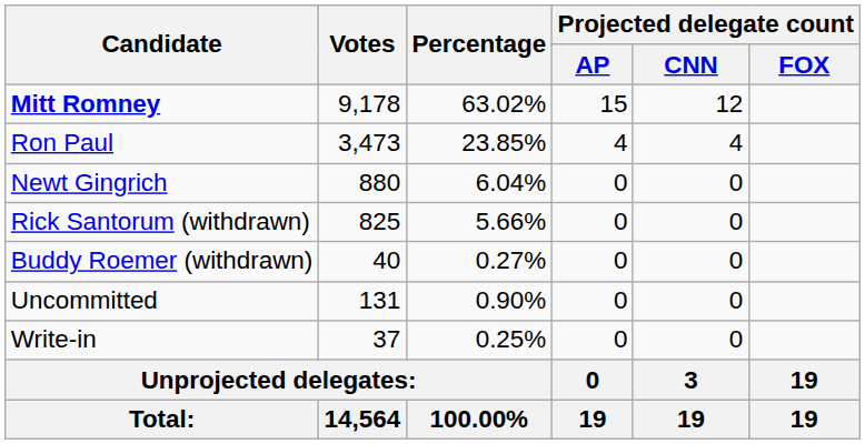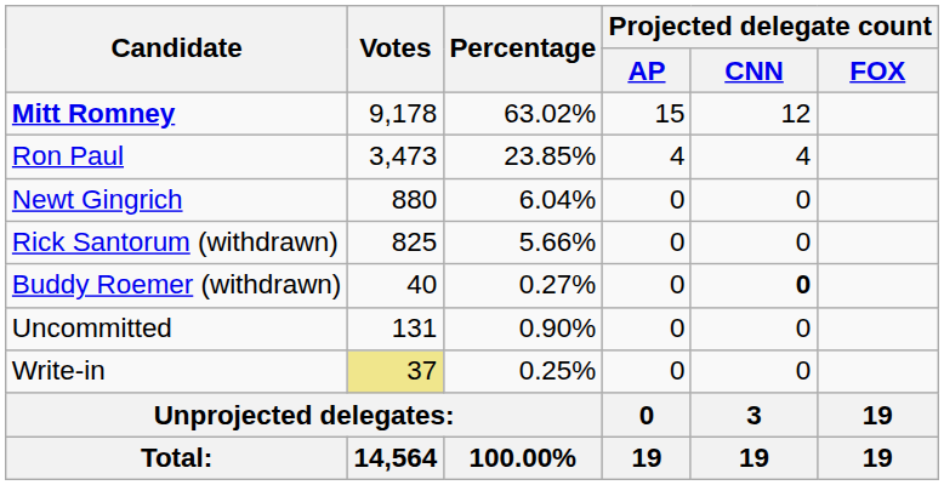 <table class="wikitable" style="text-align:right;">
 <tr>
 <th rowspan="2">Candidate</th>
 <th rowspan="2">Votes</th>
 <th rowspan="2">Percentage</th>
 <th colspan="3">Projected delegate count</th>
 </tr>
 <tr>
 <th><a href='#'>AP</a></th>
 <th><a href='#'>CNN</a><br></th>
 <th><a href='#'>FOX</a><br></th>
 </tr>
 <tr>
 <td style="text-align:left;"> <strong><a href='#'>Mitt Romney</a></strong></td>
 <td>9,178</td>
 <td>63.02%</td>
 <td>15</td>
 <td>12</td>
 <td></td>
 </tr>
 <tr>
 <td style="text-align:left;"><a href='#'>Ron Paul</a></td>
 <td>3,473</td>
 <td>23.85%</td>
 <td>4</td>
 <td>4</td>
 <td></td>
 </tr>
 <tr>
 <td style="text-align:left;"><a href='#'>Newt Gingrich</a></td>
 <td>880</td>
 <td>6.04%</td>
 <td>0</td>
 <td>0</td>
 <td></td>
 </tr>
 <tr>
 <td style="text-align:left;"><a href='#'>Rick Santorum</a> (withdrawn)</td>
 <td>825</td>
 <td>5.66%</td>
 <td>0</td>
 <td>0</td>
 <td></td>
 </tr>
 <tr>
 <td style="text-align:left;"><a href='#'>Buddy Roemer</a> (withdrawn)</td>
 <td>40</td>
 <td>0.27%</td>
 <td>0</td>
-<td>0</td>
+<td><strong>0</strong></td>
 <td></td>
 </tr>
 <tr>
 <td style="text-align:left;">Uncommitted</td>
 <td>131</td>
 <td>0.90%</td>
 <td>0</td>
 <td>0</td>
 <td></td>
 </tr>
 <tr>
 <td style="text-align:left;">Write-in</td>
-<td>37</td>
+<td style="background: khaki;">37</td>
 <td>0.25%</td>
 <td>0</td>
 <td>0</td>
 <td></td>
 </tr>
 <tr style="background:#eee;">
 <th colspan="3">Unprojected delegates:</th>
 <th>0</th>
 <th>3</th>
 <th>19</th>
 </tr>
 <tr style="background:#eee;">
 <th>Total:</th>
 <th>14,564</th>
 <th>100.00%</th>
 <th>19</th>
 <th>19</th>
 <th>19</th>
 </tr>
 </table>
